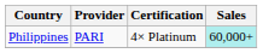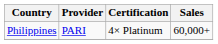 <table class="wikitable">
 <tr>
 <th>Country</th>
 <th>Provider</th>
 <th>Certification</th>
 <th>Sales</th>
 </tr>
 <tr>
 <td><a href='#'>Philippines</a></td>
 <td><a href='#'>PARI</a></td>
 <td>4× Platinum</td>
-<td style="background: paleturquoise;">60,000+</td>
+<td>60,000+</td>
 </tr>
 <tr>
 </tr>
 </table>
